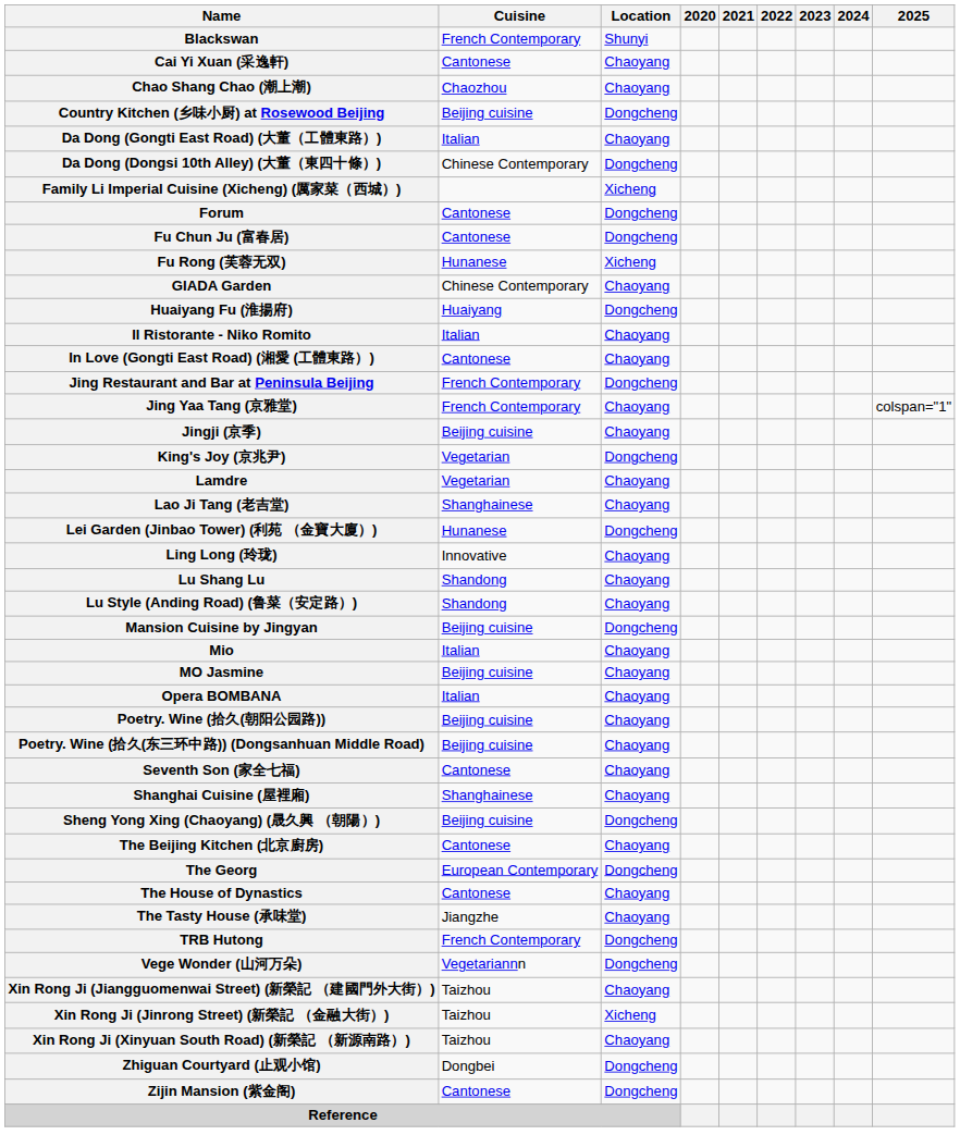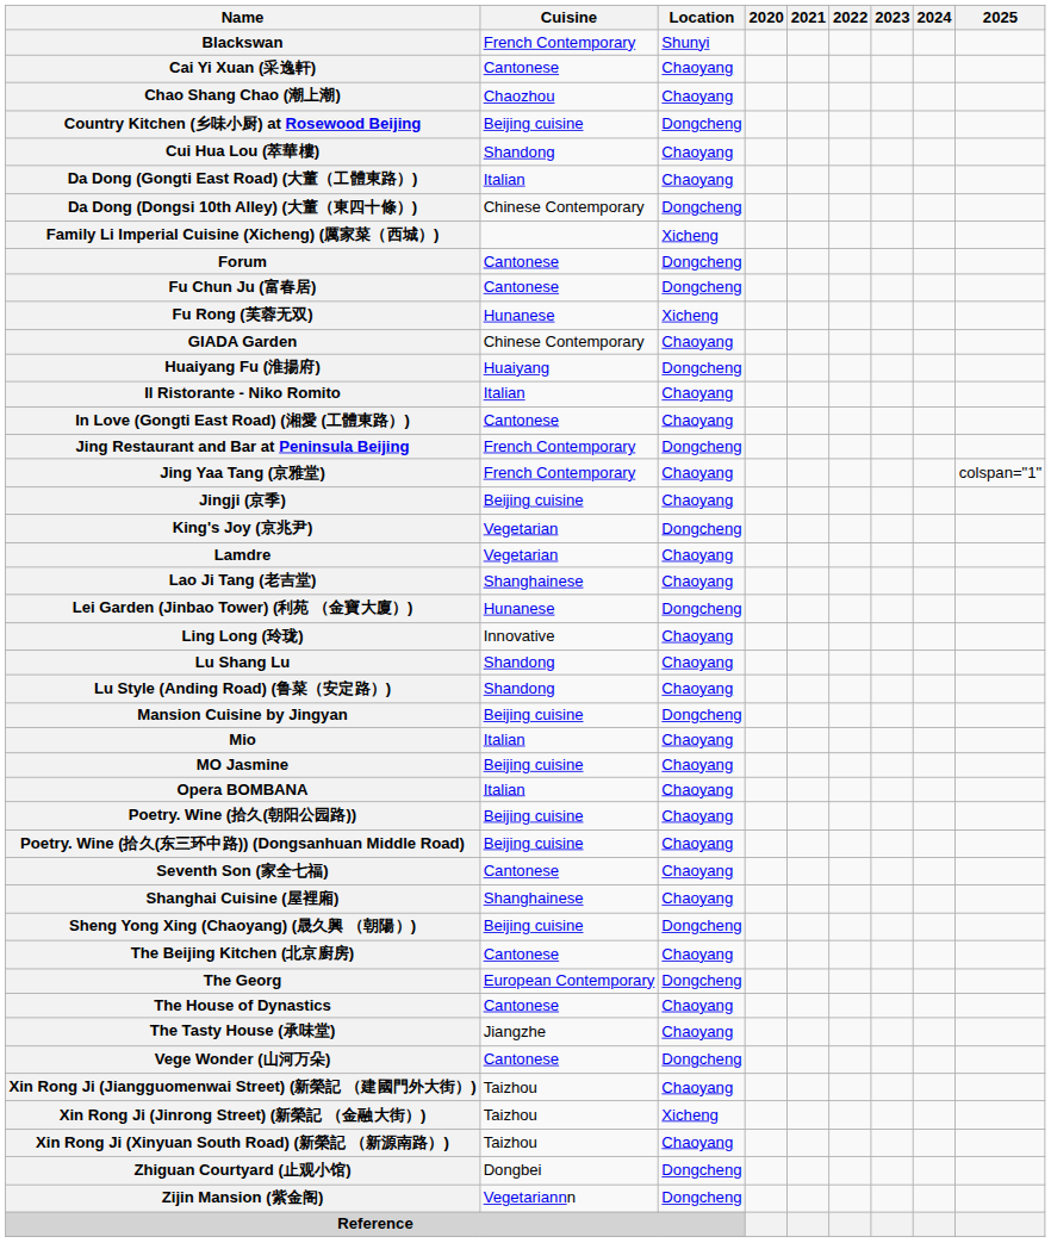 <table class="wikitable sortable plainrowheaders" style="text-align:left;"">
 <tr>
 <th scope="col">Name</th>
 <th scope="col">Cuisine</th>
 <th scope="col">Location</th>
 <th scope="col">2020</th>
 <th scope="col">2021</th>
 <th scope="col">2022</th>
 <th scope="col">2023</th>
 <th scope="col">2024</th>
 <th scope="col">2025</th>
 </tr>
 <tr>
 <th scope="row">Blackswan</th>
 <td><a href='#'>French Contemporary</a></td>
 <td><a href='#'>Shunyi</a></td>
 <td></td>
 <td></td>
 <td></td>
 <td></td>
 <td></td>
 <td></td>
 </tr>
 <tr>
 <th scope="row">Cai Yi Xuan (采逸軒)</th>
 <td><a href='#'>Cantonese</a></td>
 <td><a href='#'>Chaoyang</a></td>
 <td></td>
 <td></td>
 <td></td>
 <td></td>
 <td></td>
 <td></td>
 </tr>
 <tr>
 <th scope="row">Chao Shang Chao (潮上潮)</th>
 <td><a href='#'>Chaozhou</a></td>
 <td><a href='#'>Chaoyang</a></td>
 <td></td>
 <td></td>
 <td></td>
 <td></td>
 <td></td>
 <td></td>
 </tr>
 <tr>
 <th scope="row">Country Kitchen (乡味小厨) at <a href='#'>Rosewood Beijing</a></th>
 <td><a href='#'>Beijing cuisine</a></td>
 <td><a href='#'>Dongcheng</a></td>
+<td></td>
+<td></td>
+<td></td>
+<td></td>
+<td></td>
+<td></td>
+</tr>
+<tr>
+<th scope="row">Cui Hua Lou (萃華樓)</th>
+<td><a href='#'>Shandong</a></td>
+<td><a href='#'>Chaoyang</a></td>
 <td></td>
 <td></td>
 <td></td>
 <td></td>
 <td></td>
 <td></td>
 </tr>
 <tr>
 <th scope="row">Da Dong (Gongti East Road) (大董（工體東路）)</th>
 <td><a href='#'>Italian</a></td>
 <td><a href='#'>Chaoyang</a></td>
 <td></td>
 <td></td>
 <td></td>
 <td></td>
 <td></td>
 <td></td>
 </tr>
 <tr>
 <th scope="row">Da Dong (Dongsi 10th Alley) (大董（東四十條）)</th>
 <td>Chinese Contemporary</td>
 <td><a href='#'>Dongcheng</a></td>
 <td></td>
 <td></td>
 <td></td>
 <td></td>
 <td></td>
 <td></td>
 </tr>
 <tr>
 <th scope="row">Family Li Imperial Cuisine (Xicheng) (厲家菜（西城）)</th>
 <td></td>
 <td><a href='#'>Xicheng</a></td>
 <td></td>
 <td></td>
 <td></td>
 <td></td>
 <td></td>
 <td></td>
 </tr>
 <tr>
 <th scope="row">Forum</th>
 <td><a href='#'>Cantonese</a></td>
 <td><a href='#'>Dongcheng</a></td>
 <td></td>
 <td></td>
 <td></td>
 <td></td>
 <td></td>
 <td></td>
 </tr>
 <tr>
 <th scope="row">Fu Chun Ju (富春居)</th>
 <td><a href='#'>Cantonese</a></td>
 <td><a href='#'>Dongcheng</a></td>
 <td></td>
 <td></td>
 <td></td>
 <td></td>
 <td></td>
 <td></td>
 </tr>
 <tr>
 <th scope="row">Fu Rong (芙蓉无双)</th>
 <td><a href='#'>Hunanese</a></td>
 <td><a href='#'>Xicheng</a></td>
 <td></td>
 <td></td>
 <td></td>
 <td></td>
 <td></td>
 <td></td>
 </tr>
 <tr>
 <th scope="row">GIADA Garden</th>
 <td>Chinese Contemporary</td>
 <td><a href='#'>Chaoyang</a></td>
 <td></td>
 <td></td>
 <td></td>
 <td></td>
 <td></td>
 <td></td>
 </tr>
 <tr>
 <th scope="row">Huaiyang Fu (淮揚府)</th>
 <td><a href='#'>Huaiyang</a></td>
 <td><a href='#'>Dongcheng</a></td>
 <td></td>
 <td></td>
 <td></td>
 <td></td>
 <td></td>
 <td></td>
 </tr>
 <tr>
 <th scope="row">Il Ristorante - Niko Romito</th>
 <td><a href='#'>Italian</a></td>
 <td><a href='#'>Chaoyang</a></td>
 <td></td>
 <td></td>
 <td></td>
 <td></td>
 <td></td>
 <td></td>
 </tr>
 <tr>
 <th scope="row">In Love (Gongti East Road) (湘愛 (工體東路）)</th>
 <td><a href='#'>Cantonese</a></td>
 <td><a href='#'>Chaoyang</a></td>
 <td></td>
 <td></td>
 <td></td>
 <td></td>
 <td></td>
 <td></td>
 </tr>
 <tr>
 <th scope="row">Jing Restaurant and Bar at <a href='#'>Peninsula Beijing</a></th>
 <td><a href='#'>French Contemporary</a></td>
 <td><a href='#'>Dongcheng</a></td>
 <td></td>
 <td></td>
 <td></td>
 <td></td>
 <td></td>
 <td></td>
 </tr>
 <tr>
 <th scope="row">Jing Yaa Tang (京雅堂)</th>
 <td><a href='#'>French Contemporary</a></td>
 <td><a href='#'>Chaoyang</a></td>
 <td></td>
 <td></td>
 <td></td>
 <td></td>
 <td></td>
 <td>colspan="1" </td>
 </tr>
 <tr>
 <th scope="row">Jingji (京季)</th>
 <td><a href='#'>Beijing cuisine</a></td>
 <td><a href='#'>Chaoyang</a></td>
 <td></td>
 <td></td>
 <td></td>
 <td></td>
 <td></td>
 <td></td>
 </tr>
 <tr>
 <th scope="row">King's Joy (京兆尹)</th>
 <td><a href='#'>Vegetarian</a></td>
 <td><a href='#'>Dongcheng</a></td>
 <td></td>
 <td></td>
 <td></td>
 <td></td>
 <td></td>
 <td></td>
 </tr>
 <tr>
 <th scope="row">Lamdre</th>
 <td><a href='#'>Vegetarian</a></td>
 <td><a href='#'>Chaoyang</a></td>
 <td></td>
 <td></td>
 <td></td>
 <td></td>
 <td></td>
 <td></td>
 </tr>
 <tr>
 <th scope="row">Lao Ji Tang (老吉堂)</th>
 <td><a href='#'>Shanghainese</a></td>
 <td><a href='#'>Chaoyang</a></td>
 <td></td>
 <td></td>
 <td></td>
 <td></td>
 <td></td>
 <td></td>
 </tr>
 <tr>
 <th scope="row">Lei Garden (Jinbao Tower) (利苑 （金寶大廈）)</th>
 <td><a href='#'>Hunanese</a></td>
 <td><a href='#'>Dongcheng</a></td>
 <td></td>
 <td></td>
 <td></td>
 <td></td>
 <td></td>
 <td></td>
 </tr>
 <tr>
 <th scope="row">Ling Long (玲珑)</th>
 <td>Innovative</td>
 <td><a href='#'>Chaoyang</a></td>
 <td></td>
 <td></td>
 <td></td>
 <td></td>
 <td></td>
 <td></td>
 </tr>
 <tr>
 <th scope="row">Lu Shang Lu</th>
 <td><a href='#'>Shandong</a></td>
 <td><a href='#'>Chaoyang</a></td>
 <td></td>
 <td></td>
 <td></td>
 <td></td>
 <td></td>
 <td></td>
 </tr>
 <tr>
 <th scope="row">Lu Style (Anding Road) (鲁菜（安定路）)</th>
 <td><a href='#'>Shandong</a></td>
 <td><a href='#'>Chaoyang</a></td>
 <td></td>
 <td></td>
 <td></td>
 <td></td>
 <td></td>
 <td></td>
 </tr>
 <tr>
 <th scope="row">Mansion Cuisine by Jingyan</th>
 <td><a href='#'>Beijing cuisine</a></td>
 <td><a href='#'>Dongcheng</a></td>
 <td></td>
 <td></td>
 <td></td>
 <td></td>
 <td></td>
 <td></td>
 </tr>
 <tr>
 <th scope="row">Mio</th>
 <td><a href='#'>Italian</a></td>
 <td><a href='#'>Chaoyang</a></td>
 <td></td>
 <td></td>
 <td></td>
 <td></td>
 <td></td>
 <td></td>
 </tr>
 <tr>
 <th scope="row">MO Jasmine</th>
 <td><a href='#'>Beijing cuisine</a></td>
 <td><a href='#'>Chaoyang</a></td>
 <td></td>
 <td></td>
 <td></td>
 <td></td>
 <td></td>
 <td></td>
 </tr>
 <tr>
 <th scope="row">Opera BOMBANA</th>
 <td><a href='#'>Italian</a></td>
 <td><a href='#'>Chaoyang</a></td>
 <td></td>
 <td></td>
 <td></td>
 <td></td>
 <td></td>
 <td></td>
 </tr>
 <tr>
 <th scope="row">Poetry. Wine (拾久(朝阳公园路))</th>
 <td><a href='#'>Beijing cuisine</a></td>
 <td><a href='#'>Chaoyang</a></td>
 <td></td>
 <td></td>
 <td></td>
 <td></td>
 <td></td>
 <td></td>
 </tr>
 <tr>
 <th scope="row">Poetry. Wine (拾久(东三环中路)) (Dongsanhuan Middle Road)</th>
 <td><a href='#'>Beijing cuisine</a></td>
 <td><a href='#'>Chaoyang</a></td>
 <td></td>
 <td></td>
 <td></td>
 <td></td>
 <td></td>
 <td></td>
 </tr>
 <tr>
 <th scope="row">Seventh Son (家全七福)</th>
 <td><a href='#'>Cantonese</a></td>
 <td><a href='#'>Chaoyang</a></td>
 <td></td>
 <td></td>
 <td></td>
 <td></td>
 <td></td>
 <td></td>
 </tr>
 <tr>
 <th scope="row">Shanghai Cuisine (屋裡廂)</th>
 <td><a href='#'>Shanghainese</a></td>
 <td><a href='#'>Chaoyang</a></td>
 <td></td>
 <td></td>
 <td></td>
 <td></td>
 <td></td>
 <td></td>
 </tr>
 <tr>
 <th scope="row">Sheng Yong Xing (Chaoyang) (晟久興 （朝陽）)</th>
 <td><a href='#'>Beijing cuisine</a></td>
 <td><a href='#'>Dongcheng</a></td>
 <td></td>
 <td></td>
 <td></td>
 <td></td>
 <td></td>
 <td></td>
 </tr>
 <tr>
 <th scope="row">The Beijing Kitchen (北京廚房)</th>
 <td><a href='#'>Cantonese</a></td>
 <td><a href='#'>Chaoyang</a></td>
 <td></td>
 <td></td>
 <td></td>
 <td></td>
 <td></td>
 <td></td>
 </tr>
 <tr>
 <th scope="row">The Georg</th>
 <td><a href='#'>European Contemporary</a></td>
 <td><a href='#'>Dongcheng</a></td>
 <td></td>
 <td></td>
 <td></td>
 <td></td>
 <td></td>
 <td></td>
 </tr>
 <tr>
 <th scope="row">The House of Dynastics</th>
 <td><a href='#'>Cantonese</a></td>
 <td><a href='#'>Chaoyang</a></td>
 <td></td>
 <td></td>
 <td></td>
 <td></td>
 <td></td>
 <td></td>
 </tr>
 <tr>
 <th scope="row">The Tasty House (承味堂)</th>
 <td>Jiangzhe</td>
 <td><a href='#'>Chaoyang</a></td>
 <td></td>
 <td></td>
 <td></td>
 <td></td>
 <td></td>
 <td></td>
 </tr>
 <tr>
-<th scope="row">TRB Hutong</th>
-<td><a href='#'>French Contemporary</a></td>
-<td><a href='#'>Dongcheng</a></td>
-<td></td>
-<td></td>
-<td></td>
-<td></td>
-<td></td>
-<td></td>
-</tr>
-<tr>
 <th scope="row">Vege Wonder (山河万朵)</th>
-<td><a href='#'>Vegetariann</a>n</td>
+<td><a href='#'>Cantonese</a></td>
 <td><a href='#'>Dongcheng</a></td>
 <td></td>
 <td></td>
 <td></td>
 <td></td>
 <td></td>
 <td></td>
 </tr>
 <tr>
 <th scope="row">Xin Rong Ji (Jiangguomenwai Street) (新榮記 （建國門外大街）)</th>
 <td>Taizhou</td>
 <td><a href='#'>Chaoyang</a></td>
 <td></td>
 <td></td>
 <td></td>
 <td></td>
 <td></td>
 <td></td>
 </tr>
 <tr>
 <th scope="row">Xin Rong Ji (Jinrong Street) (新榮記 （金融大街）)</th>
 <td>Taizhou</td>
 <td><a href='#'>Xicheng</a></td>
 <td></td>
 <td></td>
 <td></td>
 <td></td>
 <td></td>
 <td></td>
 </tr>
 <tr>
 <th scope="row">Xin Rong Ji (Xinyuan South Road) (新榮記 （新源南路）)</th>
 <td>Taizhou</td>
 <td><a href='#'>Chaoyang</a></td>
 <td></td>
 <td></td>
 <td></td>
 <td></td>
 <td></td>
 <td></td>
 </tr>
 <tr>
 <th scope="row">Zhiguan Courtyard (止观小馆)</th>
 <td>Dongbei</td>
 <td><a href='#'>Dongcheng</a></td>
 <td></td>
 <td></td>
 <td></td>
 <td></td>
 <td></td>
 <td></td>
 </tr>
 <tr>
 <th scope="row">Zijin Mansion (紫金阁)</th>
-<td><a href='#'>Cantonese</a></td>
+<td><a href='#'>Vegetariann</a>n</td>
 <td><a href='#'>Dongcheng</a></td>
 <td></td>
 <td></td>
 <td></td>
 <td></td>
 <td></td>
 <td></td>
 </tr>
 <tr>
 <th colspan="3" style="text-align: center;background: lightgray;">Reference</th>
 <th></th>
 <th></th>
 <th></th>
 <th></th>
 <th></th>
 <th></th>
 </tr>
 </table>
